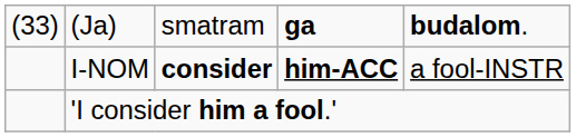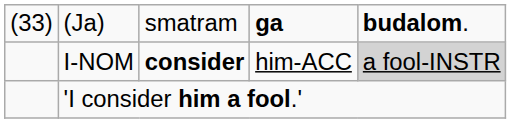 <table class="wikitable">
 <tr>
 <td>(33)</td>
 <td>(Ja)</td>
 <td>smatram</td>
 <td><strong>ga</strong></td>
 <td><strong>budalom</strong>.</td>
 </tr>
 <tr>
 <td></td>
 <td>I-NOM</td>
 <td><strong>consider</strong></td>
-<td><strong><u>him-ACC</u></strong></td>
-<td><u>a fool-INSTR</u></td>
+<td><u>him-ACC</u></td>
+<td style="background: lightgrey;"><u>a fool-INSTR</u></td>
 </tr>
 <tr>
 <td></td>
 <td colspan="4">'I consider <strong>him a fool</strong>.'</td>
 </tr>
 </table>
